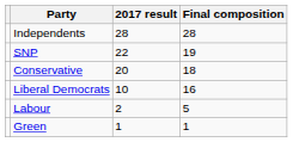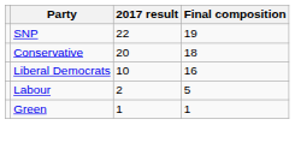 <table class="wikitable">
 <tr>
 <th></th>
 <th>Party</th>
 <th>2017 result</th>
 <th>Final composition</th>
-</tr>
-<tr>
-<td style="background:"></td>
-<td>Independents</td>
-<td>28</td>
-<td>28</td>
 </tr>
 <tr>
 <td style="background:"></td>
 <td><a href='#'>SNP</a></td>
 <td>22</td>
 <td>19</td>
 </tr>
 <tr>
 <td style="background:"></td>
 <td><a href='#'>Conservative</a></td>
 <td>20</td>
 <td>18</td>
 </tr>
 <tr>
 <td style="background:"></td>
 <td><a href='#'>Liberal Democrats</a></td>
 <td>10</td>
 <td>16</td>
 </tr>
 <tr>
 <td style="background:"></td>
 <td><a href='#'>Labour</a></td>
 <td>2</td>
 <td>5</td>
 </tr>
 <tr>
 <td style="background:"></td>
 <td><a href='#'>Green</a></td>
 <td>1</td>
 <td>1</td>
 </tr>
 </table>
